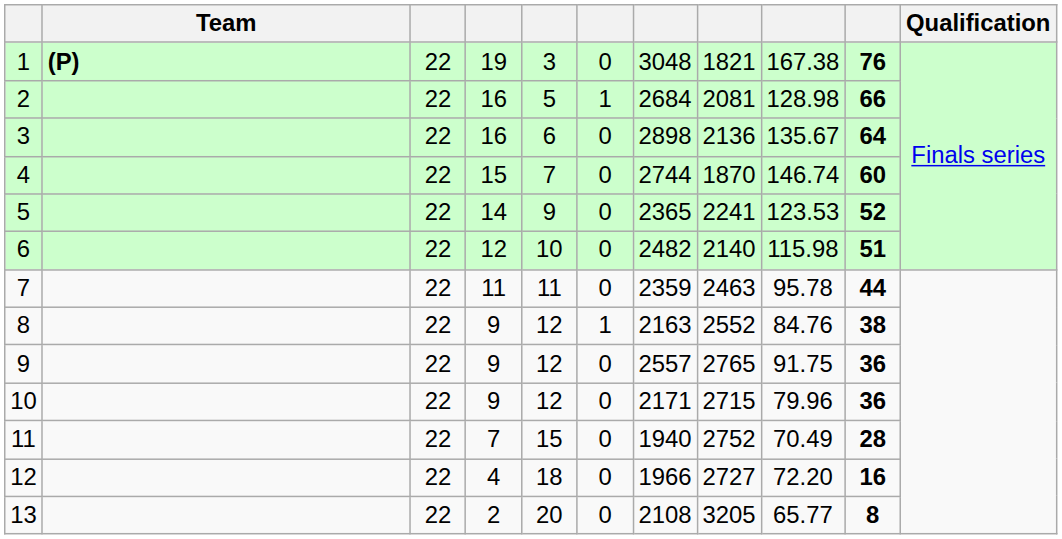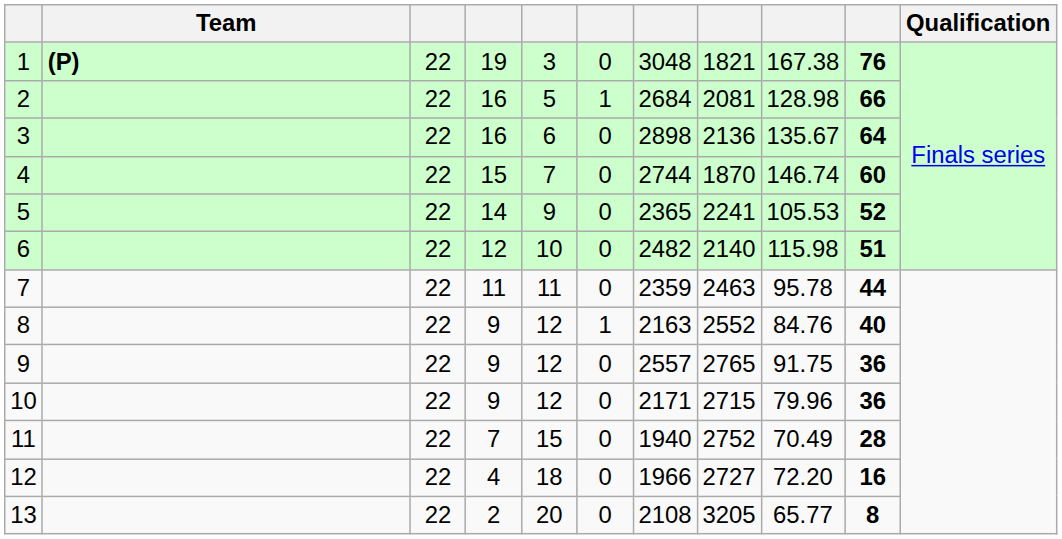 <table class="wikitable" style="text-align:center; margin-bottom:0">
 <tr>
 <th style="width:10px"></th>
 <th style="width:35%;">Team</th>
 <th style="width:30px;"></th>
 <th style="width:30px;"></th>
 <th style="width:30px;"></th>
 <th style="width:30px;"></th>
 <th style="width:30px;"></th>
 <th style="width:30px;"></th>
 <th style="width:30px;"></th>
 <th style="width:30px;"></th>
 <th>Qualification</th>
 </tr>
 <tr style="background:#ccffcc;">
 <td>1</td>
 <td style="text-align:left;"> <strong>(P)</strong></td>
 <td>22</td>
 <td>19</td>
 <td>3</td>
 <td>0</td>
 <td>3048</td>
 <td>1821</td>
 <td>167.38</td>
 <td><strong>76</strong></td>
 <td rowspan=6><a href='#'>Finals series</a></td>
 </tr>
 <tr style="background:#ccffcc;">
 <td>2</td>
 <td style="text-align:left;"></td>
 <td>22</td>
 <td>16</td>
 <td>5</td>
 <td>1</td>
 <td>2684</td>
 <td>2081</td>
 <td>128.98</td>
 <td><strong>66</strong></td>
 </tr>
 <tr style="background:#ccffcc;">
 <td>3</td>
 <td style="text-align:left;"></td>
 <td>22</td>
 <td>16</td>
 <td>6</td>
 <td>0</td>
 <td>2898</td>
 <td>2136</td>
 <td>135.67</td>
 <td><strong>64</strong></td>
 </tr>
 <tr style="background:#ccffcc;">
 <td>4</td>
 <td style="text-align:left;"></td>
 <td>22</td>
 <td>15</td>
 <td>7</td>
 <td>0</td>
 <td>2744</td>
 <td>1870</td>
 <td>146.74</td>
 <td><strong>60</strong></td>
 </tr>
 <tr style="background:#ccffcc;">
 <td>5</td>
 <td style="text-align:left;"></td>
 <td>22</td>
 <td>14</td>
 <td>9</td>
 <td>0</td>
 <td>2365</td>
 <td>2241</td>
-<td>123.53</td>
+<td>105.53</td>
 <td><strong>52</strong></td>
 </tr>
 <tr style="background:#ccffcc;">
 <td>6</td>
 <td style="text-align:left;"></td>
 <td>22</td>
 <td>12</td>
 <td>10</td>
 <td>0</td>
 <td>2482</td>
 <td>2140</td>
 <td>115.98</td>
 <td><strong>51</strong></td>
 </tr>
 <tr>
 <td>7</td>
 <td style="text-align:left;"></td>
 <td>22</td>
 <td>11</td>
 <td>11</td>
 <td>0</td>
 <td>2359</td>
 <td>2463</td>
 <td>95.78</td>
 <td><strong>44</strong></td>
 </tr>
 <tr>
 <td>8</td>
 <td style="text-align:left;"></td>
 <td>22</td>
 <td>9</td>
 <td>12</td>
 <td>1</td>
 <td>2163</td>
 <td>2552</td>
 <td>84.76</td>
-<td><strong>38</strong></td>
+<td><strong>40</strong></td>
 </tr>
 <tr>
 <td>9</td>
 <td style="text-align:left;"></td>
 <td>22</td>
 <td>9</td>
 <td>12</td>
 <td>0</td>
 <td>2557</td>
 <td>2765</td>
 <td>91.75</td>
 <td><strong>36</strong></td>
 </tr>
 <tr>
 <td>10</td>
 <td style="text-align:left;"></td>
 <td>22</td>
 <td>9</td>
 <td>12</td>
 <td>0</td>
 <td>2171</td>
 <td>2715</td>
 <td>79.96</td>
 <td><strong>36</strong></td>
 </tr>
 <tr>
 <td>11</td>
 <td style="text-align:left;"></td>
 <td>22</td>
 <td>7</td>
 <td>15</td>
 <td>0</td>
 <td>1940</td>
 <td>2752</td>
 <td>70.49</td>
 <td><strong>28</strong></td>
 </tr>
 <tr>
 <td>12</td>
 <td style="text-align:left;"></td>
 <td>22</td>
 <td>4</td>
 <td>18</td>
 <td>0</td>
 <td>1966</td>
 <td>2727</td>
 <td>72.20</td>
 <td><strong>16</strong></td>
 </tr>
 <tr>
 <td>13</td>
 <td style="text-align:left;"></td>
 <td>22</td>
 <td>2</td>
 <td>20</td>
 <td>0</td>
 <td>2108</td>
 <td>3205</td>
 <td>65.77</td>
 <td><strong>8</strong></td>
 </tr>
 </table>
